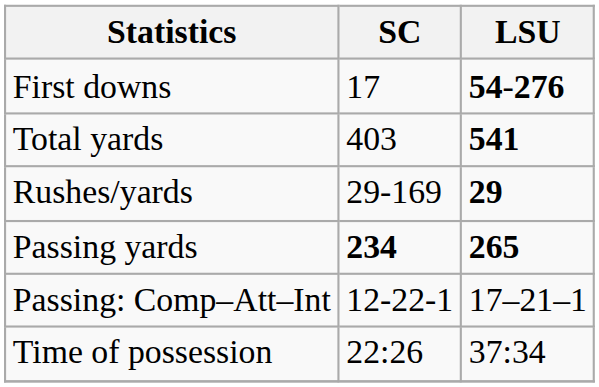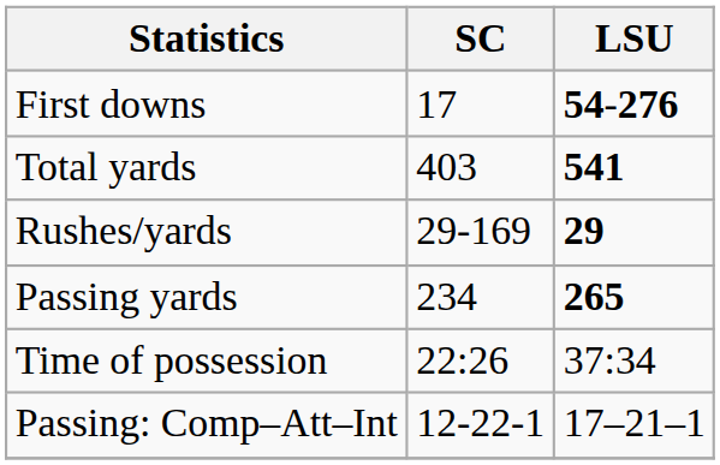 <table class="wikitable" style="float: left;">
 <tr>
 <th>Statistics</th>
 <th>SC</th>
 <th>LSU</th>
 </tr>
 <tr>
 <td>First downs</td>
 <td>17</td>
 <td><strong>54</strong>-<strong>276</strong></td>
 </tr>
 <tr>
 <td>Total yards</td>
 <td>403</td>
 <td><strong>541</strong></td>
 </tr>
 <tr>
 <td>Rushes/yards</td>
 <td>29-169</td>
 <td><strong>29</strong></td>
 </tr>
 <tr>
 <td>Passing yards</td>
-<td><strong>234</strong></td>
+<td>234</td>
 <td><strong>265</strong></td>
+</tr>
+<tr>
+<td>Time of possession</td>
+<td>22:26</td>
+<td>37:34</td>
 </tr>
 <tr>
 <td>Passing: Comp–Att–Int</td>
 <td>12-22-1</td>
 <td>17–21–1</td>
 </tr>
 <tr>
-<td>Time of possession</td>
-<td>22:26</td>
-<td>37:34</td>
-</tr>
-<tr>
 </tr>
 </table>
